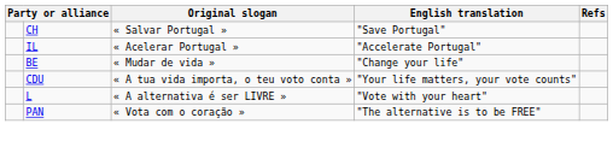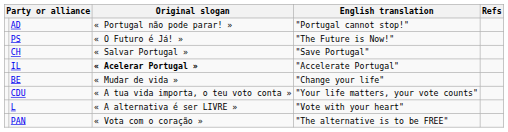 <table class="wikitable" style="font-size:97%; text-align:left;">
 <tr>
 <th style="text-align:left;" colspan="2">Party or alliance</th>
 <th>Original slogan</th>
 <th>English translation</th>
 <th>Refs</th>
+</tr>
+<tr>
+<td style="color:inherit;background:"></td>
+<td><a href='#'>AD</a></td>
+<td>« Portugal não pode parar! »</td>
+<td>"Portugal cannot stop!"</td>
+<td></td>
+</tr>
+<tr>
+<td width="1" style="color:inherit;background:"></td>
+<td><a href='#'>PS</a></td>
+<td>« O Futuro é Já! »</td>
+<td>"The Future is Now!"</td>
+<td></td>
 </tr>
 <tr>
 <td style="color:inherit;background:"></td>
 <td><a href='#'>CH</a></td>
 <td>« Salvar Portugal »</td>
 <td>"Save Portugal"</td>
 <td></td>
 </tr>
 <tr>
 <td style="color:inherit;background:"></td>
 <td><a href='#'>IL</a></td>
-<td>« Acelerar Portugal »</td>
+<td><strong>« Acelerar Portugal »</strong></td>
 <td>"Accelerate Portugal"</td>
 <td></td>
 </tr>
 <tr>
 <td style="color:inherit;background:"></td>
 <td><a href='#'>BE</a></td>
 <td>« Mudar de vida »</td>
 <td>"Change your life"</td>
 <td></td>
 </tr>
 <tr>
 <td style="color:inherit;background:"></td>
 <td><a href='#'>CDU</a></td>
 <td>« A tua vida importa, o teu voto conta »</td>
 <td>"Your life matters, your vote counts"</td>
 <td></td>
 </tr>
 <tr>
 <td style="color:inherit;background:"></td>
 <td><a href='#'>L</a></td>
 <td>« A alternativa é ser LIVRE »</td>
 <td>"Vote with your heart"</td>
 <td></td>
 </tr>
 <tr>
 <td style="color:inherit;background:"></td>
 <td><a href='#'>PAN</a></td>
 <td>« Vota com o coração »</td>
 <td>"The alternative is to be FREE"</td>
 <td></td>
 </tr>
 </table>
